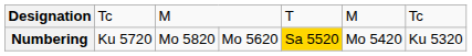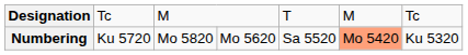 <table class="wikitable">
 <tr>
 <th>Designation</th>
 <td>Tc</td>
 <td colspan="2">M</td>
 <td>T</td>
 <td>M</td>
 <td>Tc</td>
 </tr>
 <tr>
 <th>Numbering</th>
 <td>Ku 5720</td>
 <td>Mo 5820</td>
 <td>Mo 5620</td>
-<td style="background: gold;">Sa 5520</td>
-<td>Mo 5420</td>
+<td>Sa 5520</td>
+<td style="background: lightsalmon;">Mo 5420</td>
 <td>Ku 5320</td>
 </tr>
 </table>
